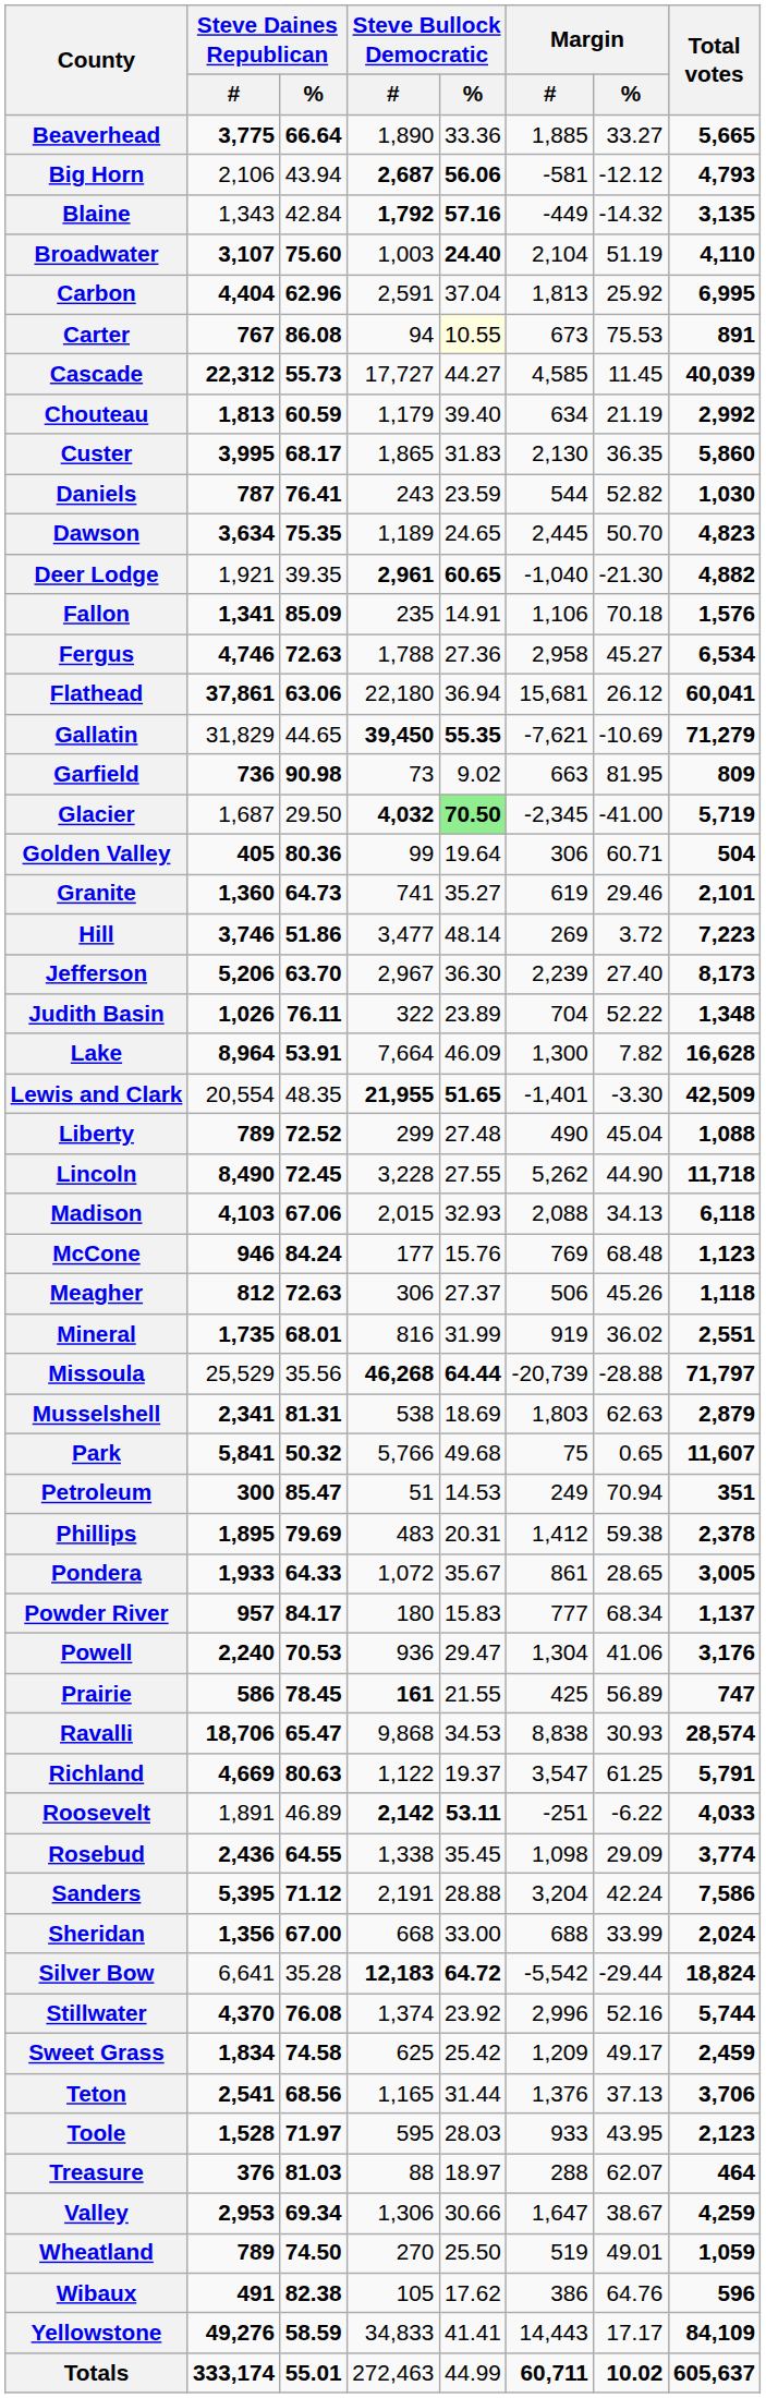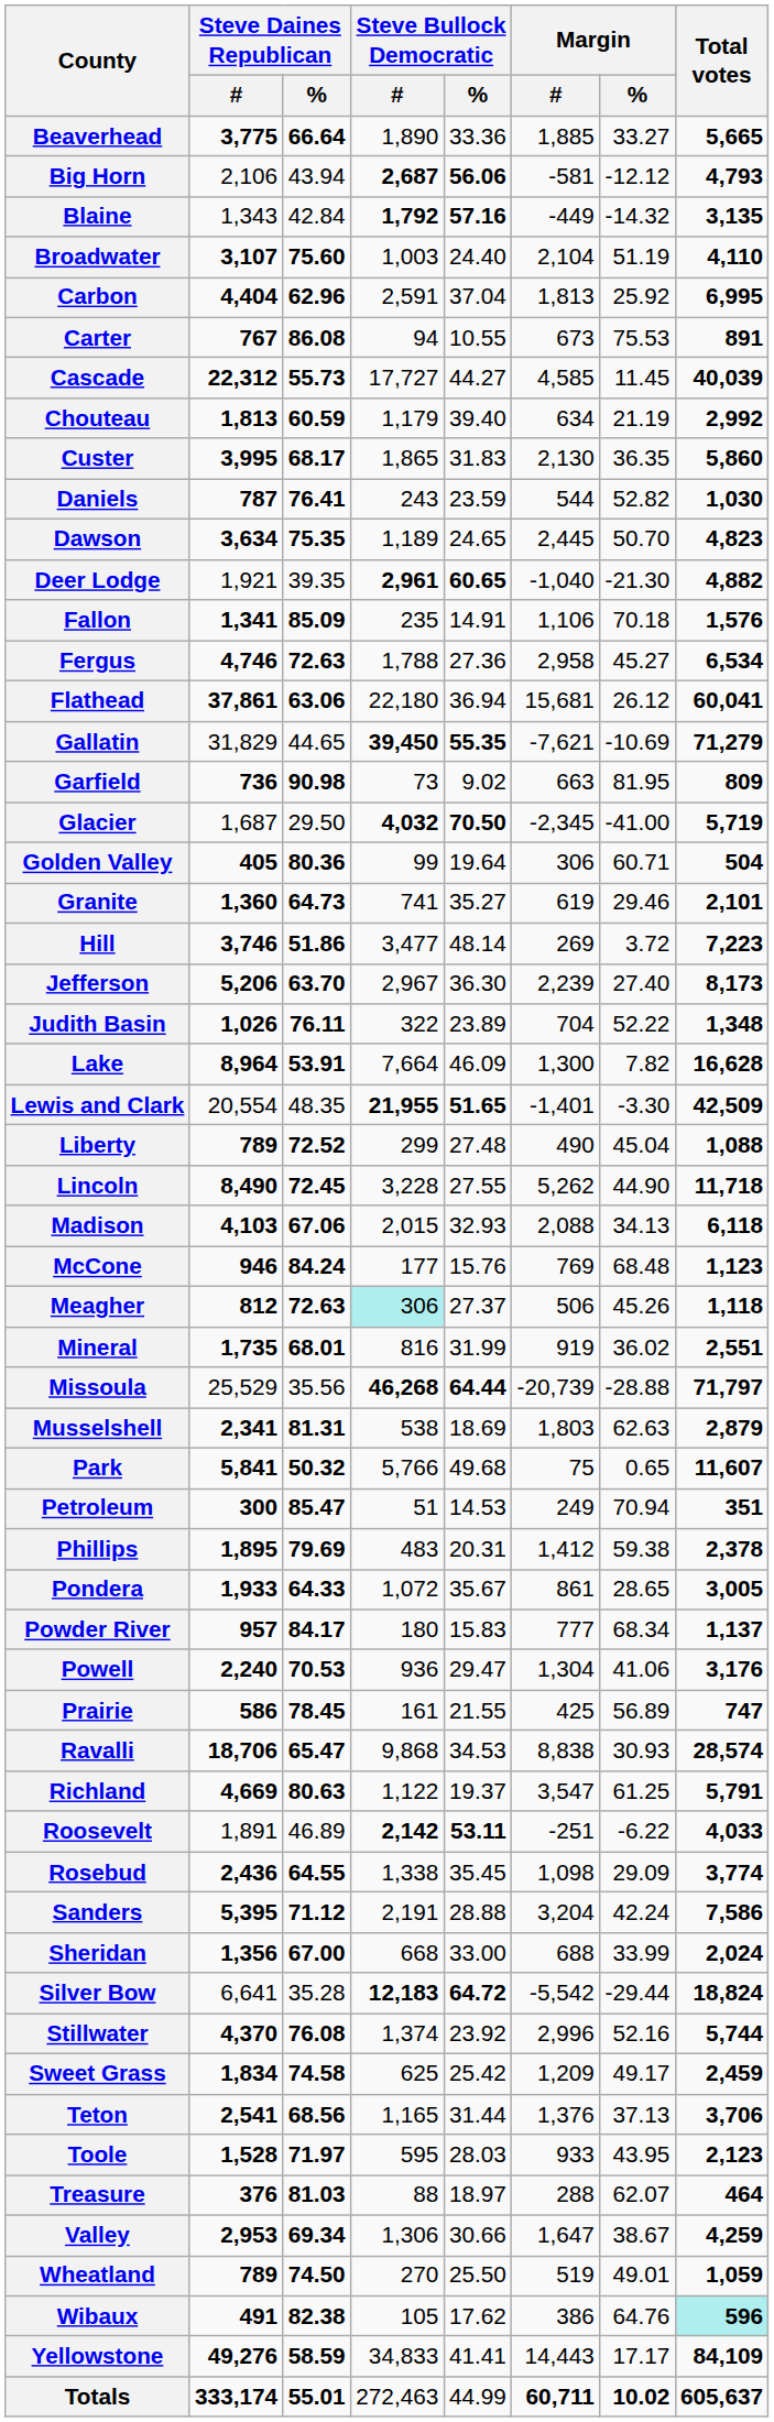 <table class="wikitable sortable" style="text-align:right;font-size:90%;line-height:1.3">
 <tr>
 <th rowspan="2">County</th>
 <th colspan="2"><a href='#'>Steve Daines</a><br><a href='#'>Republican</a></th>
 <th colspan="2"><a href='#'>Steve Bullock</a><br><a href='#'>Democratic</a></th>
 <th colspan="2">Margin</th>
 <th rowspan="2">Total<br>votes</th>
 </tr>
 <tr>
 <th data-sort-type="number">#</th>
 <th data-sort-type="number">%</th>
 <th data-sort-type="number">#</th>
 <th data-sort-type="number">%</th>
 <th data-sort-type="number">#</th>
 <th data-sort-type="number">%</th>
 </tr>
 <tr>
 <th><a href='#'>Beaverhead</a></th>
 <td><strong>3,775</strong></td>
 <td><strong>66.64</strong></td>
 <td>1,890</td>
 <td>33.36</td>
 <td>1,885</td>
 <td>33.27</td>
 <td><strong>5,665</strong></td>
 </tr>
 <tr>
 <th><a href='#'>Big Horn</a></th>
 <td>2,106</td>
 <td>43.94</td>
 <td><strong>2,687</strong></td>
 <td><strong>56.06</strong></td>
 <td>-581</td>
 <td>-12.12</td>
 <td><strong>4,793</strong></td>
 </tr>
 <tr>
 <th><a href='#'>Blaine</a></th>
 <td>1,343</td>
 <td>42.84</td>
 <td><strong>1,792</strong></td>
 <td><strong>57.16</strong></td>
 <td>-449</td>
 <td>-14.32</td>
 <td><strong>3,135</strong></td>
 </tr>
 <tr>
 <th><a href='#'>Broadwater</a></th>
 <td><strong>3,107</strong></td>
 <td><strong>75.60</strong></td>
 <td>1,003</td>
-<td><strong>24.40</strong></td>
+<td>24.40</td>
 <td>2,104</td>
 <td>51.19</td>
 <td><strong>4,110</strong></td>
 </tr>
 <tr>
 <th><a href='#'>Carbon</a></th>
 <td><strong>4,404</strong></td>
 <td><strong>62.96</strong></td>
 <td>2,591</td>
 <td>37.04</td>
 <td>1,813</td>
 <td>25.92</td>
 <td><strong>6,995</strong></td>
 </tr>
 <tr>
 <th><a href='#'>Carter</a></th>
 <td><strong>767</strong></td>
 <td><strong>86.08</strong></td>
 <td>94</td>
-<td style="background: lightyellow;">10.55</td>
+<td>10.55</td>
 <td>673</td>
 <td>75.53</td>
 <td><strong>891</strong></td>
 </tr>
 <tr>
 <th><a href='#'>Cascade</a></th>
 <td><strong>22,312</strong></td>
 <td><strong>55.73</strong></td>
 <td>17,727</td>
 <td>44.27</td>
 <td>4,585</td>
 <td>11.45</td>
 <td><strong>40,039</strong></td>
 </tr>
 <tr>
 <th><a href='#'>Chouteau</a></th>
 <td><strong>1,813</strong></td>
 <td><strong>60.59</strong></td>
 <td>1,179</td>
 <td>39.40</td>
 <td>634</td>
 <td>21.19</td>
 <td><strong>2,992</strong></td>
 </tr>
 <tr>
 <th><a href='#'>Custer</a></th>
 <td><strong>3,995</strong></td>
 <td><strong>68.17</strong></td>
 <td>1,865</td>
 <td>31.83</td>
 <td>2,130</td>
 <td>36.35</td>
 <td><strong>5,860</strong></td>
 </tr>
 <tr>
 <th><a href='#'>Daniels</a></th>
 <td><strong>787</strong></td>
 <td><strong>76.41</strong></td>
 <td>243</td>
 <td>23.59</td>
 <td>544</td>
 <td>52.82</td>
 <td><strong>1,030</strong></td>
 </tr>
 <tr>
 <th><a href='#'>Dawson</a></th>
 <td><strong>3,634</strong></td>
 <td><strong>75.35</strong></td>
 <td>1,189</td>
 <td>24.65</td>
 <td>2,445</td>
 <td>50.70</td>
 <td><strong>4,823</strong></td>
 </tr>
 <tr>
 <th><a href='#'>Deer Lodge</a></th>
 <td>1,921</td>
 <td>39.35</td>
 <td><strong>2,961</strong></td>
 <td><strong>60.65</strong></td>
 <td>-1,040</td>
 <td>-21.30</td>
 <td><strong>4,882</strong></td>
 </tr>
 <tr>
 <th><a href='#'>Fallon</a></th>
 <td><strong>1,341</strong></td>
 <td><strong>85.09</strong></td>
 <td>235</td>
 <td>14.91</td>
 <td>1,106</td>
 <td>70.18</td>
 <td><strong>1,576</strong></td>
 </tr>
 <tr>
 <th><a href='#'>Fergus</a></th>
 <td><strong>4,746</strong></td>
 <td><strong>72.63</strong></td>
 <td>1,788</td>
 <td>27.36</td>
 <td>2,958</td>
 <td>45.27</td>
 <td><strong>6,534</strong></td>
 </tr>
 <tr>
 <th><a href='#'>Flathead</a></th>
 <td><strong>37,861</strong></td>
 <td><strong>63.06</strong></td>
 <td>22,180</td>
 <td>36.94</td>
 <td>15,681</td>
 <td>26.12</td>
 <td><strong>60,041</strong></td>
 </tr>
 <tr>
 <th><a href='#'>Gallatin</a></th>
 <td>31,829</td>
 <td>44.65</td>
 <td><strong>39,450</strong></td>
 <td><strong>55.35</strong></td>
 <td>-7,621</td>
 <td>-10.69</td>
 <td><strong>71,279</strong></td>
 </tr>
 <tr>
 <th><a href='#'>Garfield</a></th>
 <td><strong>736</strong></td>
 <td><strong>90.98</strong></td>
 <td>73</td>
 <td>9.02</td>
 <td>663</td>
 <td>81.95</td>
 <td><strong>809</strong></td>
 </tr>
 <tr>
 <th><a href='#'>Glacier</a></th>
 <td>1,687</td>
 <td>29.50</td>
 <td><strong>4,032</strong></td>
-<td style="background: lightgreen;"><strong>70.50</strong></td>
+<td><strong>70.50</strong></td>
 <td>-2,345</td>
 <td>-41.00</td>
 <td><strong>5,719</strong></td>
 </tr>
 <tr>
 <th><a href='#'>Golden Valley</a></th>
 <td><strong>405</strong></td>
 <td><strong>80.36</strong></td>
 <td>99</td>
 <td>19.64</td>
 <td>306</td>
 <td>60.71</td>
 <td><strong>504</strong></td>
 </tr>
 <tr>
 <th><a href='#'>Granite</a></th>
 <td><strong>1,360</strong></td>
 <td><strong>64.73</strong></td>
 <td>741</td>
 <td>35.27</td>
 <td>619</td>
 <td>29.46</td>
 <td><strong>2,101</strong></td>
 </tr>
 <tr>
 <th><a href='#'>Hill</a></th>
 <td><strong>3,746</strong></td>
 <td><strong>51.86</strong></td>
 <td>3,477</td>
 <td>48.14</td>
 <td>269</td>
 <td>3.72</td>
 <td><strong>7,223</strong></td>
 </tr>
 <tr>
 <th><a href='#'>Jefferson</a></th>
 <td><strong>5,206</strong></td>
 <td><strong>63.70</strong></td>
 <td>2,967</td>
 <td>36.30</td>
 <td>2,239</td>
 <td>27.40</td>
 <td><strong>8,173</strong></td>
 </tr>
 <tr>
 <th><a href='#'>Judith Basin</a></th>
 <td><strong>1,026</strong></td>
 <td><strong>76.11</strong></td>
 <td>322</td>
 <td>23.89</td>
 <td>704</td>
 <td>52.22</td>
 <td><strong>1,348</strong></td>
 </tr>
 <tr>
 <th><a href='#'>Lake</a></th>
 <td><strong>8,964</strong></td>
 <td><strong>53.91</strong></td>
 <td>7,664</td>
 <td>46.09</td>
 <td>1,300</td>
 <td>7.82</td>
 <td><strong>16,628</strong></td>
 </tr>
 <tr>
 <th><a href='#'>Lewis and Clark</a></th>
 <td>20,554</td>
 <td>48.35</td>
 <td><strong>21,955</strong></td>
 <td><strong>51.65</strong></td>
 <td>-1,401</td>
 <td>-3.30</td>
 <td><strong>42,509</strong></td>
 </tr>
 <tr>
 <th><a href='#'>Liberty</a></th>
 <td><strong>789</strong></td>
 <td><strong>72.52</strong></td>
 <td>299</td>
 <td>27.48</td>
 <td>490</td>
 <td>45.04</td>
 <td><strong>1,088</strong></td>
 </tr>
 <tr>
 <th><a href='#'>Lincoln</a></th>
 <td><strong>8,490</strong></td>
 <td><strong>72.45</strong></td>
 <td>3,228</td>
 <td>27.55</td>
 <td>5,262</td>
 <td>44.90</td>
 <td><strong>11,718</strong></td>
 </tr>
 <tr>
 <th><a href='#'>Madison</a></th>
 <td><strong>4,103</strong></td>
 <td><strong>67.06</strong></td>
 <td>2,015</td>
 <td>32.93</td>
 <td>2,088</td>
 <td>34.13</td>
 <td><strong>6,118</strong></td>
 </tr>
 <tr>
 <th><a href='#'>McCone</a></th>
 <td><strong>946</strong></td>
 <td><strong>84.24</strong></td>
 <td>177</td>
 <td>15.76</td>
 <td>769</td>
 <td>68.48</td>
 <td><strong>1,123</strong></td>
 </tr>
 <tr>
 <th><a href='#'>Meagher</a></th>
 <td><strong>812</strong></td>
 <td><strong>72.63</strong></td>
-<td>306</td>
+<td style="background: paleturquoise;">306</td>
 <td>27.37</td>
 <td>506</td>
 <td>45.26</td>
 <td><strong>1,118</strong></td>
 </tr>
 <tr>
 <th><a href='#'>Mineral</a></th>
 <td><strong>1,735</strong></td>
 <td><strong>68.01</strong></td>
 <td>816</td>
 <td>31.99</td>
 <td>919</td>
 <td>36.02</td>
 <td><strong>2,551</strong></td>
 </tr>
 <tr>
 <th><a href='#'>Missoula</a></th>
 <td>25,529</td>
 <td>35.56</td>
 <td><strong>46,268</strong></td>
 <td><strong>64.44</strong></td>
 <td>-20,739</td>
 <td>-28.88</td>
 <td><strong>71,797</strong></td>
 </tr>
 <tr>
 <th><a href='#'>Musselshell</a></th>
 <td><strong>2,341</strong></td>
 <td><strong>81.31</strong></td>
 <td>538</td>
 <td>18.69</td>
 <td>1,803</td>
 <td>62.63</td>
 <td><strong>2,879</strong></td>
 </tr>
 <tr>
 <th><a href='#'>Park</a></th>
 <td><strong>5,841</strong></td>
 <td><strong>50.32</strong></td>
 <td>5,766</td>
 <td>49.68</td>
 <td>75</td>
 <td>0.65</td>
 <td><strong>11,607</strong></td>
 </tr>
 <tr>
 <th><a href='#'>Petroleum</a></th>
 <td><strong>300</strong></td>
 <td><strong>85.47</strong></td>
 <td>51</td>
 <td>14.53</td>
 <td>249</td>
 <td>70.94</td>
 <td><strong>351</strong></td>
 </tr>
 <tr>
 <th><a href='#'>Phillips</a></th>
 <td><strong>1,895</strong></td>
 <td><strong>79.69</strong></td>
 <td>483</td>
 <td>20.31</td>
 <td>1,412</td>
 <td>59.38</td>
 <td><strong>2,378</strong></td>
 </tr>
 <tr>
 <th><a href='#'>Pondera</a></th>
 <td><strong>1,933</strong></td>
 <td><strong>64.33</strong></td>
 <td>1,072</td>
 <td>35.67</td>
 <td>861</td>
 <td>28.65</td>
 <td><strong>3,005</strong></td>
 </tr>
 <tr>
 <th><a href='#'>Powder River</a></th>
 <td><strong>957</strong></td>
 <td><strong>84.17</strong></td>
 <td>180</td>
 <td>15.83</td>
 <td>777</td>
 <td>68.34</td>
 <td><strong>1,137</strong></td>
 </tr>
 <tr>
 <th><a href='#'>Powell</a></th>
 <td><strong>2,240</strong></td>
 <td><strong>70.53</strong></td>
 <td>936</td>
 <td>29.47</td>
 <td>1,304</td>
 <td>41.06</td>
 <td><strong>3,176</strong></td>
 </tr>
 <tr>
 <th><a href='#'>Prairie</a></th>
 <td><strong>586</strong></td>
 <td><strong>78.45</strong></td>
-<td><strong>161</strong></td>
+<td>161</td>
 <td>21.55</td>
 <td>425</td>
 <td>56.89</td>
 <td><strong>747</strong></td>
 </tr>
 <tr>
 <th><a href='#'>Ravalli</a></th>
 <td><strong>18,706</strong></td>
 <td><strong>65.47</strong></td>
 <td>9,868</td>
 <td>34.53</td>
 <td>8,838</td>
 <td>30.93</td>
 <td><strong>28,574</strong></td>
 </tr>
 <tr>
 <th><a href='#'>Richland</a></th>
 <td><strong>4,669</strong></td>
 <td><strong>80.63</strong></td>
 <td>1,122</td>
 <td>19.37</td>
 <td>3,547</td>
 <td>61.25</td>
 <td><strong>5,791</strong></td>
 </tr>
 <tr>
 <th><a href='#'>Roosevelt</a></th>
 <td>1,891</td>
 <td>46.89</td>
 <td><strong>2,142</strong></td>
 <td><strong>53.11</strong></td>
 <td>-251</td>
 <td>-6.22</td>
 <td><strong>4,033</strong></td>
 </tr>
 <tr>
 <th><a href='#'>Rosebud</a></th>
 <td><strong>2,436</strong></td>
 <td><strong>64.55</strong></td>
 <td>1,338</td>
 <td>35.45</td>
 <td>1,098</td>
 <td>29.09</td>
 <td><strong>3,774</strong></td>
 </tr>
 <tr>
 <th><a href='#'>Sanders</a></th>
 <td><strong>5,395</strong></td>
 <td><strong>71.12</strong></td>
 <td>2,191</td>
 <td>28.88</td>
 <td>3,204</td>
 <td>42.24</td>
 <td><strong>7,586</strong></td>
 </tr>
 <tr>
 <th><a href='#'>Sheridan</a></th>
 <td><strong>1,356</strong></td>
 <td><strong>67.00</strong></td>
 <td>668</td>
 <td>33.00</td>
 <td>688</td>
 <td>33.99</td>
 <td><strong>2,024</strong></td>
 </tr>
 <tr>
 <th><a href='#'>Silver Bow</a></th>
 <td>6,641</td>
 <td>35.28</td>
 <td><strong>12,183</strong></td>
 <td><strong>64.72</strong></td>
 <td>-5,542</td>
 <td>-29.44</td>
 <td><strong>18,824</strong></td>
 </tr>
 <tr>
 <th><a href='#'>Stillwater</a></th>
 <td><strong>4,370</strong></td>
 <td><strong>76.08</strong></td>
 <td>1,374</td>
 <td>23.92</td>
 <td>2,996</td>
 <td>52.16</td>
 <td><strong>5,744</strong></td>
 </tr>
 <tr>
 <th><a href='#'>Sweet Grass</a></th>
 <td><strong>1,834</strong></td>
 <td><strong>74.58</strong></td>
 <td>625</td>
 <td>25.42</td>
 <td>1,209</td>
 <td>49.17</td>
 <td><strong>2,459</strong></td>
 </tr>
 <tr>
 <th><a href='#'>Teton</a></th>
 <td><strong>2,541</strong></td>
 <td><strong>68.56</strong></td>
 <td>1,165</td>
 <td>31.44</td>
 <td>1,376</td>
 <td>37.13</td>
 <td><strong>3,706</strong></td>
 </tr>
 <tr>
 <th><a href='#'>Toole</a></th>
 <td><strong>1,528</strong></td>
 <td><strong>71.97</strong></td>
 <td>595</td>
 <td>28.03</td>
 <td>933</td>
 <td>43.95</td>
 <td><strong>2,123</strong></td>
 </tr>
 <tr>
 <th><a href='#'>Treasure</a></th>
 <td><strong>376</strong></td>
 <td><strong>81.03</strong></td>
 <td>88</td>
 <td>18.97</td>
 <td>288</td>
 <td>62.07</td>
 <td><strong>464</strong></td>
 </tr>
 <tr>
 <th><a href='#'>Valley</a></th>
 <td><strong>2,953</strong></td>
 <td><strong>69.34</strong></td>
 <td>1,306</td>
 <td>30.66</td>
 <td>1,647</td>
 <td>38.67</td>
 <td><strong>4,259</strong></td>
 </tr>
 <tr>
 <th><a href='#'>Wheatland</a></th>
 <td><strong>789</strong></td>
 <td><strong>74.50</strong></td>
 <td>270</td>
 <td>25.50</td>
 <td>519</td>
 <td>49.01</td>
 <td><strong>1,059</strong></td>
 </tr>
 <tr>
 <th><a href='#'>Wibaux</a></th>
 <td><strong>491</strong></td>
 <td><strong>82.38</strong></td>
 <td>105</td>
 <td>17.62</td>
 <td>386</td>
 <td>64.76</td>
-<td><strong>596</strong></td>
+<td style="background: paleturquoise;"><strong>596</strong></td>
 </tr>
 <tr>
 <th><a href='#'>Yellowstone</a></th>
 <td><strong>49,276</strong></td>
 <td><strong>58.59</strong></td>
 <td>34,833</td>
 <td>41.41</td>
 <td>14,443</td>
 <td>17.17</td>
 <td><strong>84,109</strong></td>
 </tr>
 <tr class="sortbottom">
 <th>Totals</th>
 <td><strong>333,174</strong></td>
 <td><strong>55.01</strong></td>
 <td>272,463</td>
 <td>44.99</td>
 <td><strong>60,711</strong></td>
 <td><strong>10.02</strong></td>
 <td><strong>605,637</strong></td>
 </tr>
 </table>
